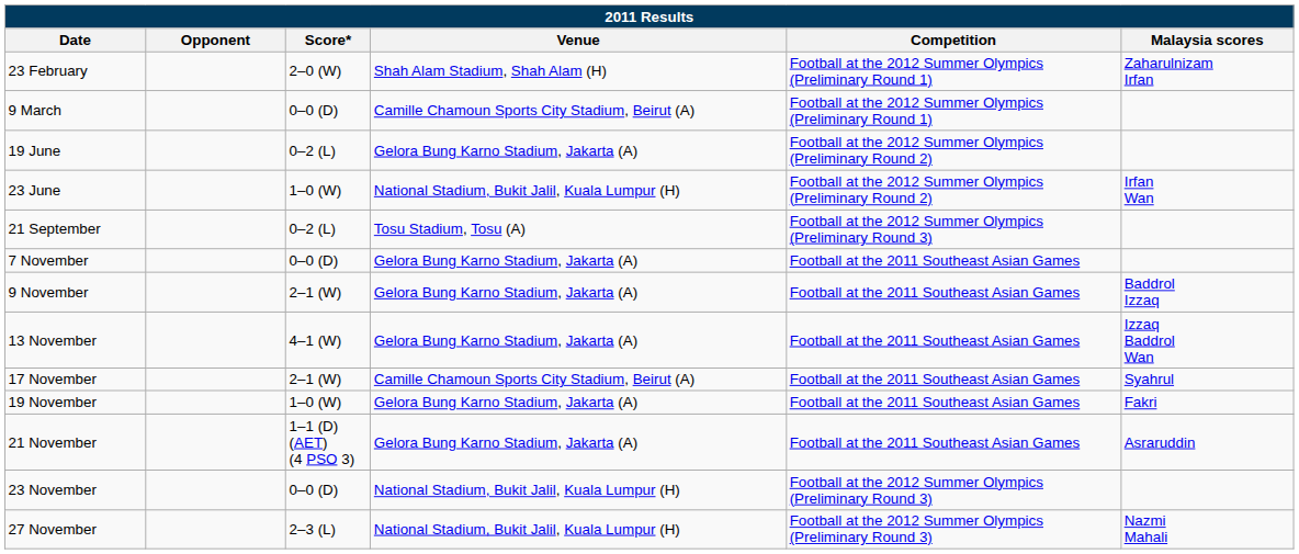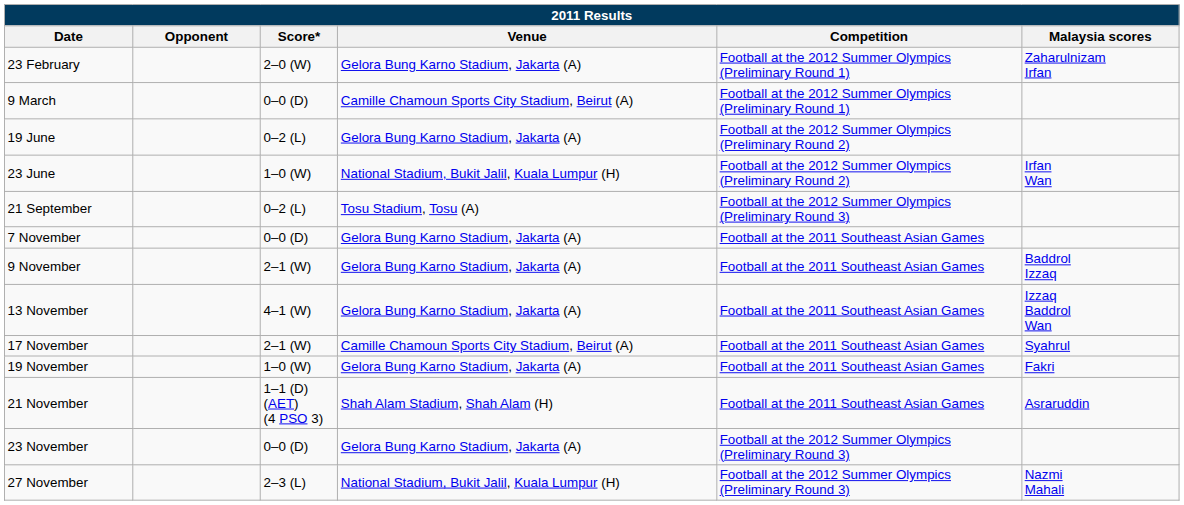 <table class="wikitable" width=100% style="text-align:left;font-size:90%;">
 <tr>
 <th colspan=9 style="background: #013A5E; color: #FFFFFF;">2011 Results</th>
 </tr>
 <tr>
 <th width=80>Date</th>
 <th width=80>Opponent</th>
 <th width=20>Score*</th>
 <th width=250>Venue</th>
 <th width=200>Competition</th>
 <th width=100>Malaysia scores</th>
 </tr>
 <tr>
 <td>23 February</td>
 <td></td>
 <td>2–0 (W)</td>
-<td><a href='#'>Shah Alam Stadium</a>, <a href='#'>Shah Alam</a> (H)</td>
+<td><a href='#'>Gelora Bung Karno Stadium</a>, <a href='#'>Jakarta</a> (A)</td>
 <td><a href='#'>Football at the 2012 Summer Olympics (Preliminary Round 1)</a></td>
 <td><a href='#'>Zaharulnizam</a> <br><a href='#'>Irfan</a> </td>
 </tr>
 <tr>
 <td>9 March</td>
 <td></td>
 <td>0–0 (D)</td>
 <td><a href='#'>Camille Chamoun Sports City Stadium</a>, <a href='#'>Beirut</a> (A)</td>
 <td><a href='#'>Football at the 2012 Summer Olympics (Preliminary Round 1)</a></td>
 <td></td>
 </tr>
 <tr>
 <td>19 June</td>
 <td></td>
 <td>0–2 (L)</td>
 <td><a href='#'>Gelora Bung Karno Stadium</a>, <a href='#'>Jakarta</a> (A)</td>
 <td><a href='#'>Football at the 2012 Summer Olympics (Preliminary Round 2)</a></td>
 <td></td>
 </tr>
 <tr>
 <td>23 June</td>
 <td></td>
 <td>1–0 (W)</td>
 <td><a href='#'>National Stadium, Bukit Jalil</a>, <a href='#'>Kuala Lumpur</a> (H)</td>
 <td><a href='#'>Football at the 2012 Summer Olympics (Preliminary Round 2)</a></td>
 <td><a href='#'>Irfan</a> <br><a href='#'>Wan</a> </td>
 </tr>
 <tr>
 <td>21 September</td>
 <td></td>
 <td>0–2 (L)</td>
 <td><a href='#'>Tosu Stadium</a>, <a href='#'>Tosu</a> (A)</td>
 <td><a href='#'>Football at the 2012 Summer Olympics (Preliminary Round 3)</a></td>
 <td></td>
 </tr>
 <tr>
 <td>7 November</td>
 <td></td>
 <td>0–0 (D)</td>
 <td><a href='#'>Gelora Bung Karno Stadium</a>, <a href='#'>Jakarta</a> (A)</td>
 <td><a href='#'>Football at the 2011 Southeast Asian Games</a></td>
 <td></td>
 </tr>
 <tr>
 <td>9 November</td>
 <td></td>
 <td>2–1 (W)</td>
 <td><a href='#'>Gelora Bung Karno Stadium</a>, <a href='#'>Jakarta</a> (A)</td>
 <td><a href='#'>Football at the 2011 Southeast Asian Games</a></td>
 <td><a href='#'>Baddrol</a> <br><a href='#'>Izzaq</a> </td>
 </tr>
 <tr>
 <td>13 November</td>
 <td></td>
 <td>4–1 (W)</td>
 <td><a href='#'>Gelora Bung Karno Stadium</a>, <a href='#'>Jakarta</a> (A)</td>
 <td><a href='#'>Football at the 2011 Southeast Asian Games</a></td>
 <td><a href='#'>Izzaq</a> <br><a href='#'>Baddrol</a> <br><a href='#'>Wan</a> </td>
 </tr>
 <tr>
 <td>17 November</td>
 <td></td>
 <td>2–1 (W)</td>
 <td><a href='#'>Camille Chamoun Sports City Stadium</a>, <a href='#'>Beirut</a> (A)</td>
 <td><a href='#'>Football at the 2011 Southeast Asian Games</a></td>
 <td><a href='#'>Syahrul</a> </td>
 </tr>
 <tr>
 <td>19 November</td>
 <td></td>
 <td>1–0 (W)</td>
 <td><a href='#'>Gelora Bung Karno Stadium</a>, <a href='#'>Jakarta</a> (A)</td>
 <td><a href='#'>Football at the 2011 Southeast Asian Games</a></td>
 <td><a href='#'>Fakri</a> </td>
 </tr>
 <tr>
 <td>21 November</td>
 <td></td>
 <td>1–1 (D) (<a href='#'>AET</a>)<br>(4 <a href='#'>PSO</a> 3)</td>
-<td><a href='#'>Gelora Bung Karno Stadium</a>, <a href='#'>Jakarta</a> (A)</td>
+<td><a href='#'>Shah Alam Stadium</a>, <a href='#'>Shah Alam</a> (H)</td>
 <td><a href='#'>Football at the 2011 Southeast Asian Games</a></td>
 <td><a href='#'>Asraruddin</a> </td>
 </tr>
 <tr>
 <td>23 November</td>
 <td></td>
 <td>0–0 (D)</td>
-<td><a href='#'>National Stadium, Bukit Jalil</a>, <a href='#'>Kuala Lumpur</a> (H)</td>
+<td><a href='#'>Gelora Bung Karno Stadium</a>, <a href='#'>Jakarta</a> (A)</td>
 <td><a href='#'>Football at the 2012 Summer Olympics (Preliminary Round 3)</a></td>
 <td></td>
 </tr>
 <tr>
 <td>27 November</td>
 <td></td>
 <td>2–3 (L)</td>
 <td><a href='#'>National Stadium, Bukit Jalil</a>, <a href='#'>Kuala Lumpur</a> (H)</td>
 <td><a href='#'>Football at the 2012 Summer Olympics (Preliminary Round 3)</a></td>
 <td><a href='#'>Nazmi</a> <br><a href='#'>Mahali</a> </td>
 </tr>
 </table>
